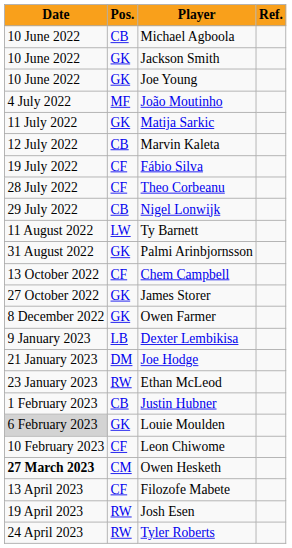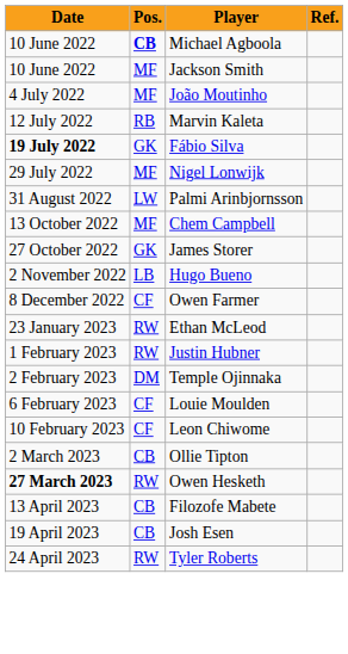 <table class="wikitable plainrowheaders sortable">
 <tr>
 <th style="background:#F9A01B; color:#000000; ">Date</th>
 <th style="background:#F9A01B; color:#000000; ">Pos.</th>
 <th style="background:#F9A01B; color:#000000; ">Player</th>
 <th style="background:#F9A01B; color:#000000; ">Ref.</th>
 </tr>
 <tr>
 <td>10 June 2022</td>
-<td><a href='#'>CB</a></td>
+<td><strong><a href='#'>CB</a></strong></td>
 <td> Michael Agboola</td>
 <td></td>
 </tr>
 <tr>
 <td>10 June 2022</td>
-<td><a href='#'>GK</a></td>
+<td><a href='#'>MF</a></td>
 <td> Jackson Smith</td>
-<td></td>
-</tr>
-<tr>
-<td>10 June 2022</td>
-<td><a href='#'>GK</a></td>
-<td> Joe Young</td>
 <td></td>
 </tr>
 <tr>
 <td>4 July 2022</td>
 <td><a href='#'>MF</a></td>
 <td> <a href='#'>João Moutinho</a></td>
 <td></td>
 </tr>
 <tr>
-<td>11 July 2022</td>
-<td><a href='#'>GK</a></td>
-<td> <a href='#'>Matija Sarkic</a></td>
-<td></td>
-</tr>
-<tr>
 <td>12 July 2022</td>
-<td><a href='#'>CB</a></td>
+<td><a href='#'>RB</a></td>
 <td> Marvin Kaleta</td>
 <td></td>
 </tr>
 <tr>
-<td>19 July 2022</td>
-<td><a href='#'>CF</a></td>
+<td><strong>19 July 2022</strong></td>
+<td><a href='#'>GK</a></td>
 <td> <a href='#'>Fábio Silva</a></td>
 <td></td>
 </tr>
 <tr>
-<td>28 July 2022</td>
-<td><a href='#'>CF</a></td>
-<td> <a href='#'>Theo Corbeanu</a></td>
-<td></td>
-</tr>
-<tr>
 <td>29 July 2022</td>
-<td><a href='#'>CB</a></td>
+<td><a href='#'>MF</a></td>
 <td> <a href='#'>Nigel Lonwijk</a></td>
 <td></td>
 </tr>
 <tr>
-<td>11 August 2022</td>
+<td>31 August 2022</td>
 <td><a href='#'>LW</a></td>
-<td> Ty Barnett</td>
-<td></td>
-</tr>
-<tr>
-<td>31 August 2022</td>
-<td><a href='#'>GK</a></td>
 <td> Palmi Arinbjornsson</td>
 <td></td>
 </tr>
 <tr>
 <td>13 October 2022</td>
-<td><a href='#'>CF</a></td>
+<td><a href='#'>MF</a></td>
 <td> <a href='#'>Chem Campbell</a></td>
 <td></td>
 </tr>
 <tr>
 <td>27 October 2022</td>
 <td><a href='#'>GK</a></td>
 <td> James Storer</td>
 <td></td>
 </tr>
 <tr>
-<td>8 December 2022</td>
-<td><a href='#'>GK</a></td>
-<td> Owen Farmer</td>
+<td>2 November 2022</td>
+<td><a href='#'>LB</a></td>
+<td> <a href='#'>Hugo Bueno</a></td>
 <td></td>
 </tr>
 <tr>
-<td>9 January 2023</td>
-<td><a href='#'>LB</a></td>
-<td> <a href='#'>Dexter Lembikisa</a></td>
-<td></td>
-</tr>
-<tr>
-<td>21 January 2023</td>
-<td><a href='#'>DM</a></td>
-<td> <a href='#'>Joe Hodge</a></td>
+<td>8 December 2022</td>
+<td><a href='#'>CF</a></td>
+<td> Owen Farmer</td>
 <td></td>
 </tr>
 <tr>
 <td>23 January 2023</td>
 <td><a href='#'>RW</a></td>
 <td> Ethan McLeod</td>
 <td></td>
 </tr>
 <tr>
 <td>1 February 2023</td>
-<td><a href='#'>CB</a></td>
+<td><a href='#'>RW</a></td>
 <td> <a href='#'>Justin Hubner</a></td>
 <td></td>
 </tr>
 <tr>
-<td style="background: lightgrey;">6 February 2023</td>
-<td><a href='#'>GK</a></td>
+<td>2 February 2023</td>
+<td><a href='#'>DM</a></td>
+<td> Temple Ojinnaka</td>
+<td></td>
+</tr>
+<tr>
+<td>6 February 2023</td>
+<td><a href='#'>CF</a></td>
 <td> Louie Moulden</td>
 <td></td>
 </tr>
 <tr>
 <td>10 February 2023</td>
 <td><a href='#'>CF</a></td>
 <td> Leon Chiwome</td>
 <td></td>
 </tr>
 <tr>
+<td>2 March 2023</td>
+<td><a href='#'>CB</a></td>
+<td> Ollie Tipton</td>
+<td></td>
+</tr>
+<tr>
 <td><strong>27 March 2023</strong></td>
-<td><a href='#'>CM</a></td>
+<td><a href='#'>RW</a></td>
 <td> Owen Hesketh</td>
 <td></td>
 </tr>
 <tr>
 <td>13 April 2023</td>
-<td><a href='#'>CF</a></td>
+<td><a href='#'>CB</a></td>
 <td> Filozofe Mabete</td>
 <td></td>
 </tr>
 <tr>
 <td>19 April 2023</td>
-<td><a href='#'>RW</a></td>
+<td><a href='#'>CB</a></td>
 <td> Josh Esen</td>
 <td></td>
 </tr>
 <tr>
 <td>24 April 2023</td>
 <td><a href='#'>RW</a></td>
 <td> <a href='#'>Tyler Roberts</a></td>
 <td></td>
 </tr>
 </table>
